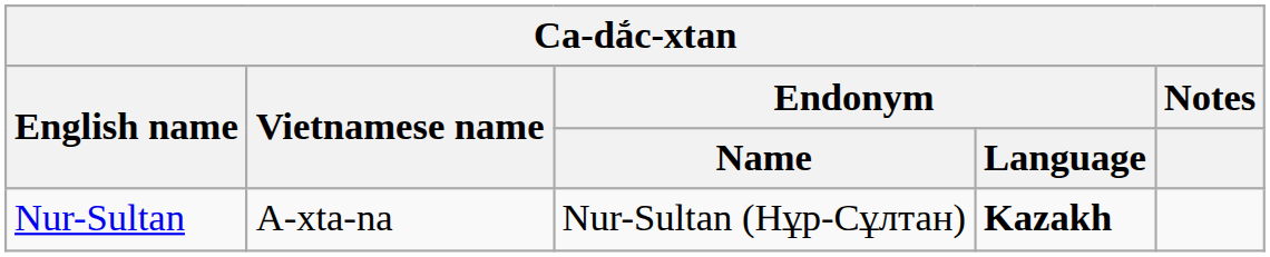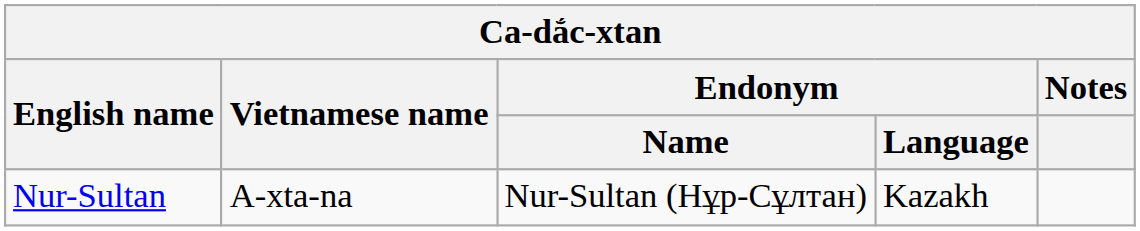 <table class="wikitable sortable">
 <tr>
 <th colspan="5"> Ca-dắc-xtan</th>
 </tr>
 <tr>
 <th rowspan="2">English name</th>
 <th rowspan="2">Vietnamese name</th>
 <th colspan="2">Endonym</th>
 <th>Notes</th>
 </tr>
 <tr>
 <th>Name</th>
 <th>Language</th>
 <th></th>
 </tr>
 <tr>
 <td><a href='#'>Nur-Sultan</a></td>
 <td>A-xta-na</td>
 <td>Nur-Sultan (Нұр-Сұлтан)</td>
-<td><strong>Kazakh</strong></td>
+<td>Kazakh</td>
 <td></td>
 </tr>
 </table>
